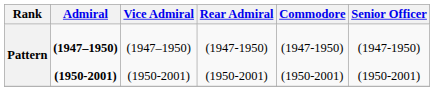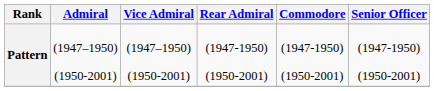 <table class="wikitable" style="text-align:center">
 <tr>
 <th>Rank</th>
 <th><a href='#'>Admiral</a></th>
 <th><a href='#'>Vice Admiral</a></th>
 <th><a href='#'>Rear Admiral</a></th>
 <th><a href='#'>Commodore</a></th>
 <th><a href='#'>Senior Officer</a></th>
 </tr>
 <tr>
 <th>Pattern</th>
-<td><strong><br>(1947–1950)<br><br>(1950-2001)</strong></td>
+<td><br>(1947–1950)<br><br>(1950-2001)</td>
 <td><br>(1947–1950)<br><br>(1950-2001)</td>
 <td><br>(1947-1950)<br><br>(1950-2001)</td>
 <td><br>(1947-1950)<br><br>(1950-2001)</td>
 <td><br>(1947-1950)<br><br>(1950-2001)</td>
 </tr>
 <tr>
 </tr>
 </table>
